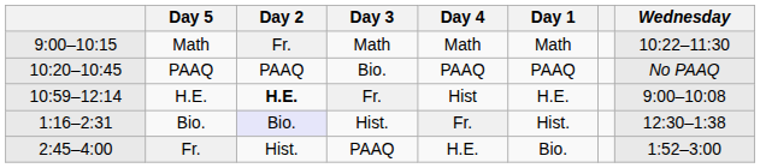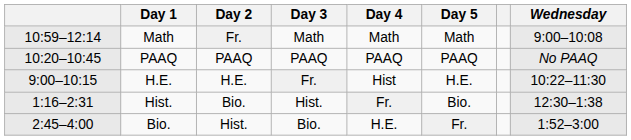 <table class="wikitable" style="margin:1em auto; text-align: center;">
 <tr>
 <th style="width:8em;"></th>
-<th style="width:5em;">Day 5</th>
+<th style="width:5em;">Day 1</th>
 <th style="width:5em;">Day 2</th>
 <th style="width:5em;">Day 3</th>
 <th style="width:5em;">Day 4</th>
-<th style="width:5em;">Day 1</th>
+<th style="width:5em;">Day 5</th>
 <th style="width:0.5em;"></th>
 <th style="width:8em;"><em>Wednesday</em></th>
 </tr>
 <tr>
-<td style="background:#e9e9e9;">9:00–10:15</td>
+<td style="background:#e9e9e9;">10:59–12:14</td>
 <td>Math</td>
 <td style="background:#f0f0f0;">Fr.</td>
 <td>Math</td>
 <td>Math</td>
 <td>Math</td>
 <td><br></td>
-<td style="background:#e9e9e9;">10:22–11:30</td>
+<td style="background:#e9e9e9;">9:00–10:08</td>
 </tr>
 <tr>
 <td style="background:#e9e9e9;">10:20–10:45</td>
 <td>PAAQ</td>
 <td>PAAQ</td>
-<td>Bio.</td>
+<td>PAAQ</td>
 <td>PAAQ</td>
 <td>PAAQ</td>
 <td><br></td>
 <td style="background:#e9e9e9;"><em>No PAAQ</em></td>
 </tr>
 <tr>
-<td style="background:#e9e9e9;">10:59–12:14</td>
+<td style="background:#e9e9e9;">9:00–10:15</td>
 <td>H.E.</td>
-<td><strong>H.E.</strong></td>
+<td>H.E.</td>
 <td style="background:#f0f0f0;">Fr.</td>
 <td>Hist</td>
 <td>H.E.</td>
 <td><br></td>
-<td style="background:#e9e9e9;">9:00–10:08</td>
+<td style="background:#e9e9e9;">10:22–11:30</td>
 </tr>
 <tr>
 <td style="background:#e9e9e9;">1:16–2:31</td>
+<td>Hist.</td>
 <td>Bio.</td>
-<td style="background: lavender;">Bio.</td>
 <td>Hist.</td>
 <td style="background:#f0f0f0;">Fr.</td>
-<td>Hist.</td>
+<td>Bio.</td>
 <td><br></td>
 <td style="background:#e9e9e9;">12:30–1:38</td>
 </tr>
 <tr>
 <td style="background:#e9e9e9;">2:45–4:00</td>
+<td>Bio.</td>
+<td>Hist.</td>
+<td>Bio.</td>
+<td>H.E.</td>
 <td style="background:#f0f0f0;">Fr.</td>
-<td>Hist.</td>
-<td>PAAQ</td>
-<td>H.E.</td>
-<td>Bio.</td>
 <td><br></td>
 <td style="background:#e9e9e9;">1:52–3:00</td>
 </tr>
 </table>
